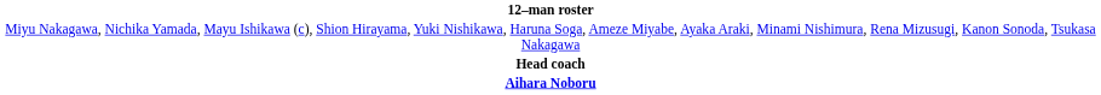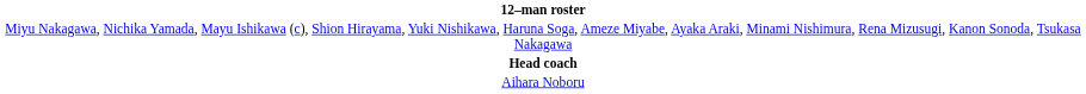 <table style="text-align:center; margin-top:2em; margin-left:auto; margin-right:auto">
 <tr>
 <td><strong>12–man roster</strong></td>
 </tr>
 <tr>
 <td><a href='#'>Miyu Nakagawa</a>, <a href='#'>Nichika Yamada</a>, <a href='#'>Mayu Ishikawa</a> (<a href='#'>c</a>), <a href='#'>Shion Hirayama</a>, <a href='#'>Yuki Nishikawa</a>, <a href='#'>Haruna Soga</a>, <a href='#'>Ameze Miyabe</a>, <a href='#'>Ayaka Araki</a>, <a href='#'>Minami Nishimura</a>, <a href='#'>Rena Mizusugi</a>, <a href='#'>Kanon Sonoda</a>, <a href='#'>Tsukasa Nakagawa</a></td>
 </tr>
 <tr>
 <td><strong>Head coach</strong></td>
 </tr>
 <tr>
-<td><strong><a href='#'>Aihara Noboru</a></strong></td>
+<td><a href='#'>Aihara Noboru</a></td>
 </tr>
 </table>
